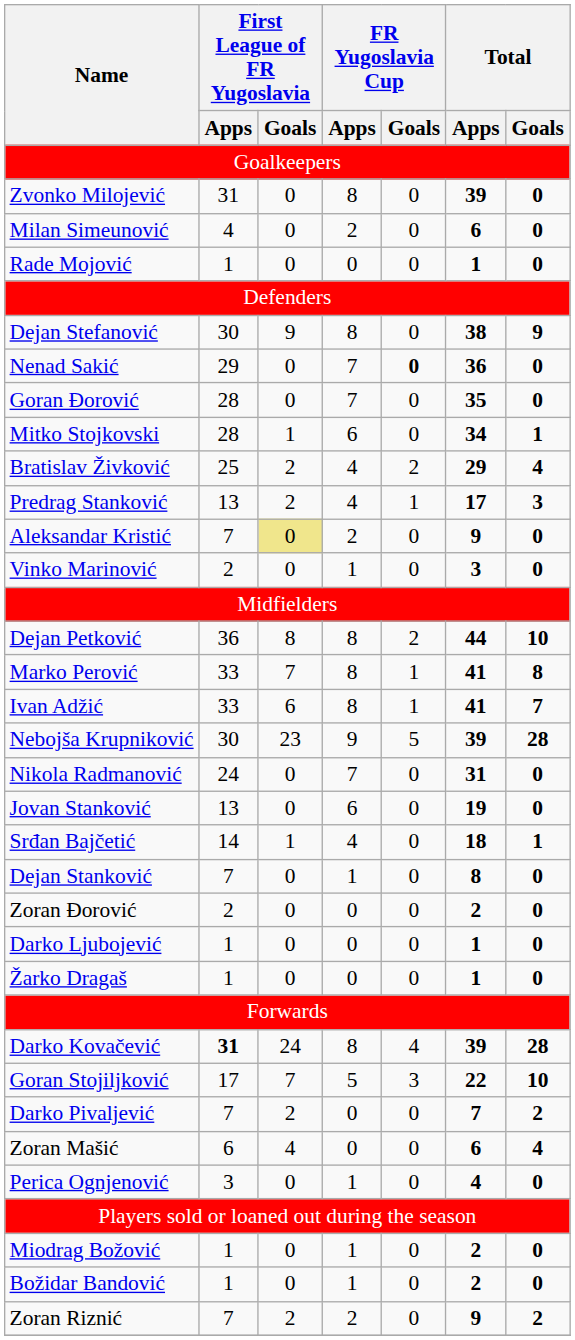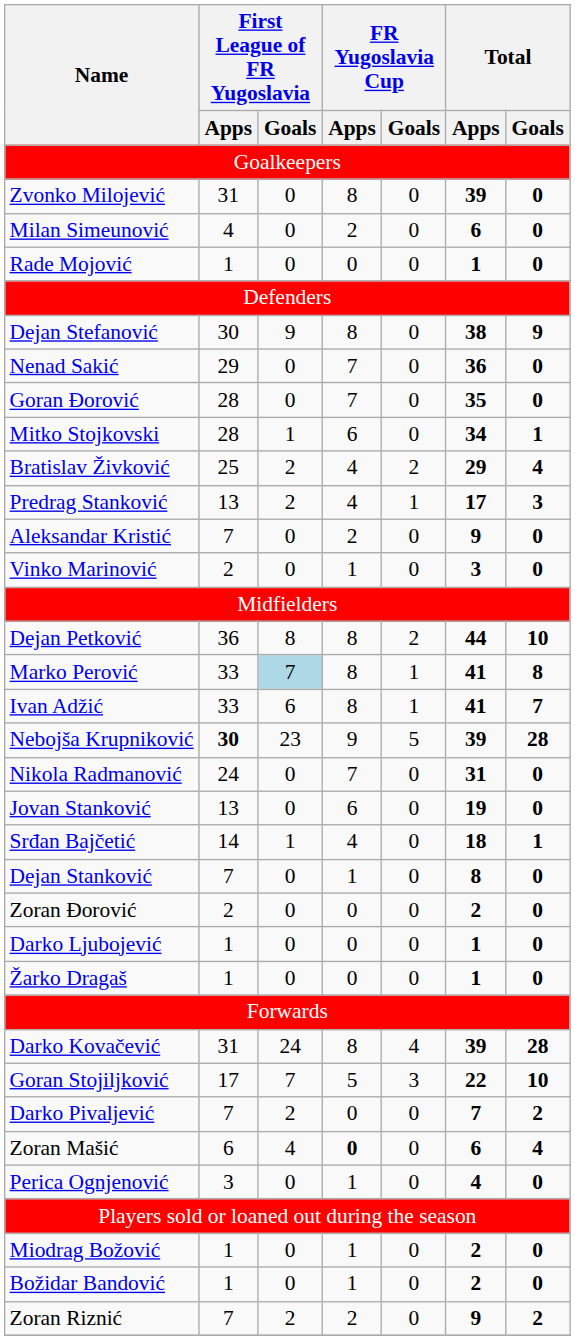 <table class="wikitable" style="text-align:center">
 <tr>
 <th rowspan="2">Name</th>
 <th colspan="2" width="85"><a href='#'>First League of FR Yugoslavia</a></th>
 <th colspan="2" width="85"><a href='#'>FR Yugoslavia Cup</a></th>
 <th colspan="2" width="85">Total</th>
 </tr>
 <tr>
 <th>Apps</th>
 <th>Goals</th>
 <th>Apps</th>
 <th>Goals</th>
 <th>Apps</th>
 <th>Goals</th>
 </tr>
 <tr>
 <td style="background: red;color:white" align=center colspan="15">Goalkeepers</td>
 </tr>
 <tr>
 <td align="left"> <a href='#'>Zvonko Milojević</a></td>
 <td>31</td>
 <td>0</td>
 <td>8</td>
 <td>0</td>
 <td><strong>39</strong></td>
 <td><strong>0</strong></td>
 </tr>
 <tr>
 <td align="left"> <a href='#'>Milan Simeunović</a></td>
 <td>4</td>
 <td>0</td>
 <td>2</td>
 <td>0</td>
 <td><strong>6</strong></td>
 <td><strong>0</strong></td>
 </tr>
 <tr>
 <td align="left"> <a href='#'>Rade Mojović</a></td>
 <td>1</td>
 <td>0</td>
 <td>0</td>
 <td>0</td>
 <td><strong>1</strong></td>
 <td><strong>0</strong></td>
 </tr>
 <tr>
 <td align=center colspan="15" style="background: red;color:white">Defenders</td>
 </tr>
 <tr>
 <td align="left"> <a href='#'>Dejan Stefanović</a></td>
 <td>30</td>
 <td>9</td>
 <td>8</td>
 <td>0</td>
 <td><strong>38</strong></td>
 <td><strong>9</strong></td>
 </tr>
 <tr>
 <td align="left"> <a href='#'>Nenad Sakić</a></td>
 <td>29</td>
 <td>0</td>
 <td>7</td>
-<td><strong>0</strong></td>
+<td>0</td>
 <td><strong>36</strong></td>
 <td><strong>0</strong></td>
 </tr>
 <tr>
 <td align="left"> <a href='#'>Goran Đorović</a></td>
 <td>28</td>
 <td>0</td>
 <td>7</td>
 <td>0</td>
 <td><strong>35</strong></td>
 <td><strong>0</strong></td>
 </tr>
 <tr>
 <td align="left"> <a href='#'>Mitko Stojkovski</a></td>
 <td>28</td>
 <td>1</td>
 <td>6</td>
 <td>0</td>
 <td><strong>34</strong></td>
 <td><strong>1</strong></td>
 </tr>
 <tr>
 <td align="left"> <a href='#'>Bratislav Živković</a></td>
 <td>25</td>
 <td>2</td>
 <td>4</td>
 <td>2</td>
 <td><strong>29</strong></td>
 <td><strong>4</strong></td>
 </tr>
 <tr>
 <td align="left"> <a href='#'>Predrag Stanković</a></td>
 <td>13</td>
 <td>2</td>
 <td>4</td>
 <td>1</td>
 <td><strong>17</strong></td>
 <td><strong>3</strong></td>
 </tr>
 <tr>
 <td align="left"> <a href='#'>Aleksandar Kristić</a></td>
 <td>7</td>
-<td style="background: khaki;">0</td>
+<td>0</td>
 <td>2</td>
 <td>0</td>
 <td><strong>9</strong></td>
 <td><strong>0</strong></td>
 </tr>
 <tr>
 <td align="left"> <a href='#'>Vinko Marinović</a></td>
 <td>2</td>
 <td>0</td>
 <td>1</td>
 <td>0</td>
 <td><strong>3</strong></td>
 <td><strong>0</strong></td>
 </tr>
 <tr>
 <td align=center colspan="15" style="background: red;color:white">Midfielders</td>
 </tr>
 <tr>
 <td align="left"> <a href='#'>Dejan Petković</a></td>
 <td>36</td>
 <td>8</td>
 <td>8</td>
 <td>2</td>
 <td><strong>44</strong></td>
 <td><strong>10</strong></td>
 </tr>
 <tr>
 <td align="left"> <a href='#'>Marko Perović</a></td>
 <td>33</td>
-<td>7</td>
+<td style="background: lightblue;">7</td>
 <td>8</td>
 <td>1</td>
 <td><strong>41</strong></td>
 <td><strong>8</strong></td>
 </tr>
 <tr>
 <td align="left"> <a href='#'>Ivan Adžić</a></td>
 <td>33</td>
 <td>6</td>
 <td>8</td>
 <td>1</td>
 <td><strong>41</strong></td>
 <td><strong>7</strong></td>
 </tr>
 <tr>
 <td align="left"> <a href='#'>Nebojša Krupniković</a></td>
-<td>30</td>
+<td><strong>30</strong></td>
 <td>23</td>
 <td>9</td>
 <td>5</td>
 <td><strong>39</strong></td>
 <td><strong>28</strong></td>
 </tr>
 <tr>
 <td align="left"> <a href='#'>Nikola Radmanović</a></td>
 <td>24</td>
 <td>0</td>
 <td>7</td>
 <td>0</td>
 <td><strong>31</strong></td>
 <td><strong>0</strong></td>
 </tr>
 <tr>
 <td align="left"> <a href='#'>Jovan Stanković</a></td>
 <td>13</td>
 <td>0</td>
 <td>6</td>
 <td>0</td>
 <td><strong>19</strong></td>
 <td><strong>0</strong></td>
 </tr>
 <tr>
 <td align="left"> <a href='#'>Srđan Bajčetić</a></td>
 <td>14</td>
 <td>1</td>
 <td>4</td>
 <td>0</td>
 <td><strong>18</strong></td>
 <td><strong>1</strong></td>
 </tr>
 <tr>
 <td align="left"> <a href='#'>Dejan Stanković</a></td>
 <td>7</td>
 <td>0</td>
 <td>1</td>
 <td>0</td>
 <td><strong>8</strong></td>
 <td><strong>0</strong></td>
 </tr>
 <tr>
 <td align="left"> Zoran Đorović</td>
 <td>2</td>
 <td>0</td>
 <td>0</td>
 <td>0</td>
 <td><strong>2</strong></td>
 <td><strong>0</strong></td>
 </tr>
 <tr>
 <td align="left"> <a href='#'>Darko Ljubojević</a></td>
 <td>1</td>
 <td>0</td>
 <td>0</td>
 <td>0</td>
 <td><strong>1</strong></td>
 <td><strong>0</strong></td>
 </tr>
 <tr>
 <td align="left"> <a href='#'>Žarko Dragaš</a></td>
 <td>1</td>
 <td>0</td>
 <td>0</td>
 <td>0</td>
 <td><strong>1</strong></td>
 <td><strong>0</strong></td>
 </tr>
 <tr>
 <td align=center colspan="15" style="background: red;color:white">Forwards</td>
 </tr>
 <tr>
 <td align="left"> <a href='#'>Darko Kovačević</a></td>
-<td><strong>31</strong></td>
+<td>31</td>
 <td>24</td>
 <td>8</td>
 <td>4</td>
 <td><strong>39</strong></td>
 <td><strong>28</strong></td>
 </tr>
 <tr>
 <td align="left"> <a href='#'>Goran Stojiljković</a></td>
 <td>17</td>
 <td>7</td>
 <td>5</td>
 <td>3</td>
 <td><strong>22</strong></td>
 <td><strong>10</strong></td>
 </tr>
 <tr>
 <td align="left"> <a href='#'>Darko Pivaljević</a></td>
 <td>7</td>
 <td>2</td>
 <td>0</td>
 <td>0</td>
 <td><strong>7</strong></td>
 <td><strong>2</strong></td>
 </tr>
 <tr>
 <td align="left"> Zoran Mašić</td>
 <td>6</td>
 <td>4</td>
-<td>0</td>
+<td><strong>0</strong></td>
 <td>0</td>
 <td><strong>6</strong></td>
 <td><strong>4</strong></td>
 </tr>
 <tr>
 <td align="left"> <a href='#'>Perica Ognjenović</a></td>
 <td>3</td>
 <td>0</td>
 <td>1</td>
 <td>0</td>
 <td><strong>4</strong></td>
 <td><strong>0</strong></td>
 </tr>
 <tr>
 <td align=center colspan="15" style="background: red;color:white">Players sold or loaned out during the season</td>
 </tr>
 <tr>
 <td align="left"> <a href='#'>Miodrag Božović</a></td>
 <td>1</td>
 <td>0</td>
 <td>1</td>
 <td>0</td>
 <td><strong>2</strong></td>
 <td><strong>0</strong></td>
 </tr>
 <tr>
 <td align="left"> <a href='#'>Božidar Bandović</a></td>
 <td>1</td>
 <td>0</td>
 <td>1</td>
 <td>0</td>
 <td><strong>2</strong></td>
 <td><strong>0</strong></td>
 </tr>
 <tr>
 <td align="left"> Zoran Riznić</td>
 <td>7</td>
 <td>2</td>
 <td>2</td>
 <td>0</td>
 <td><strong>9</strong></td>
 <td><strong>2</strong></td>
 </tr>
 <tr>
 </tr>
 </table>
